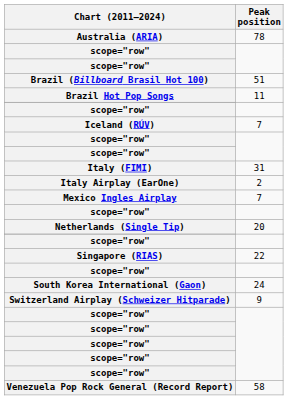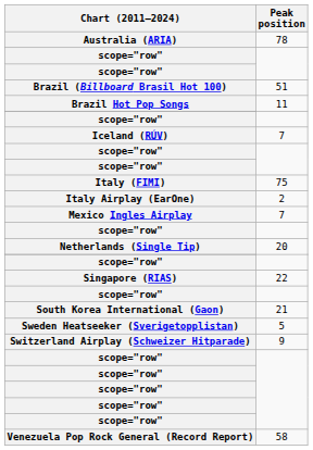 <table class="wikitable sortable plainrowheaders" style="text-align:center">
 <tr>
 <th scope="col">Chart (2011–2024)</th>
 <th scope="col">Peak<br>position</th>
 </tr>
 <tr>
 <th scope="row">Australia (<a href='#'>ARIA</a>)</th>
 <td>78</td>
 </tr>
 <tr>
 <th>scope="row" </th>
 </tr>
 <tr>
 <th>scope="row" </th>
 </tr>
 <tr>
 <th scope="row">Brazil (<a href='#'><em>Billboard</em> Brasil Hot 100</a>)</th>
 <td>51</td>
 </tr>
 <tr>
 <th scope="row">Brazil <a href='#'>Hot Pop Songs</a></th>
 <td>11</td>
 </tr>
 <tr>
 </tr>
 <tr>
 <th>scope="row" </th>
 </tr>
 <tr>
 <th scope="row">Iceland (<a href='#'>RÚV</a>)</th>
 <td>7</td>
 </tr>
 <tr>
 <th>scope="row" </th>
 </tr>
 <tr>
 <th>scope="row" </th>
 </tr>
 <tr>
 <th scope="row">Italy (<a href='#'>FIMI</a>)</th>
-<td>31</td>
+<td>75</td>
 </tr>
 <tr>
 <th scope="row">Italy Airplay (EarOne)</th>
 <td>2</td>
 </tr>
 <tr>
 <th scope="row">Mexico <a href='#'>Ingles Airplay</a></th>
 <td>7</td>
 </tr>
 <tr>
 <th>scope="row" </th>
 </tr>
 <tr>
 <th scope="row">Netherlands (<a href='#'>Single Tip</a>)</th>
 <td>20</td>
 </tr>
 <tr>
 </tr>
 <tr>
 <th>scope="row" </th>
 </tr>
 <tr>
 <th scope="row">Singapore (<a href='#'>RIAS</a>)</th>
 <td>22</td>
 </tr>
 <tr>
 <th>scope="row" </th>
 </tr>
 <tr>
 <th scope="row">South Korea International (<a href='#'>Gaon</a>)</th>
-<td>24</td>
+<td>21</td>
+</tr>
+<tr>
+<th scope="row">Sweden Heatseeker (<a href='#'>Sverigetopplistan</a>)</th>
+<td>5</td>
 </tr>
 <tr>
 <th scope="row">Switzerland Airplay (<a href='#'>Schweizer Hitparade</a>)</th>
 <td>9</td>
 </tr>
 <tr>
 <th>scope="row" </th>
 </tr>
 <tr>
 <th>scope="row" </th>
 </tr>
 <tr>
 <th>scope="row" </th>
 </tr>
 <tr>
 <th>scope="row" </th>
 </tr>
 <tr>
 <th>scope="row" </th>
 </tr>
 <tr>
 <th scope="row">Venezuela Pop Rock General (Record Report)</th>
 <td>58</td>
 </tr>
 </table>
